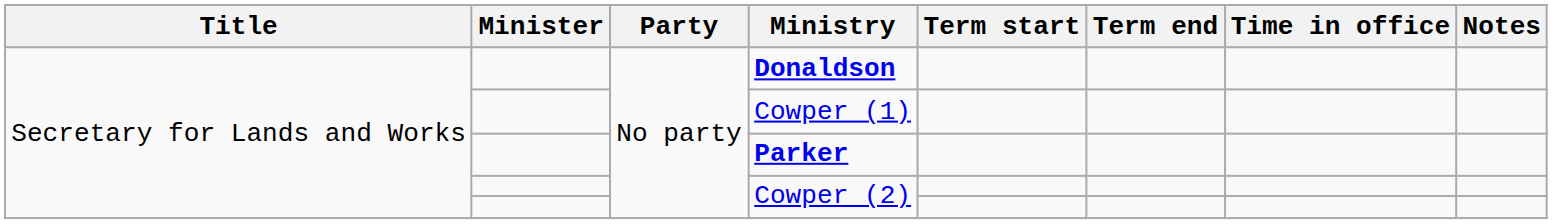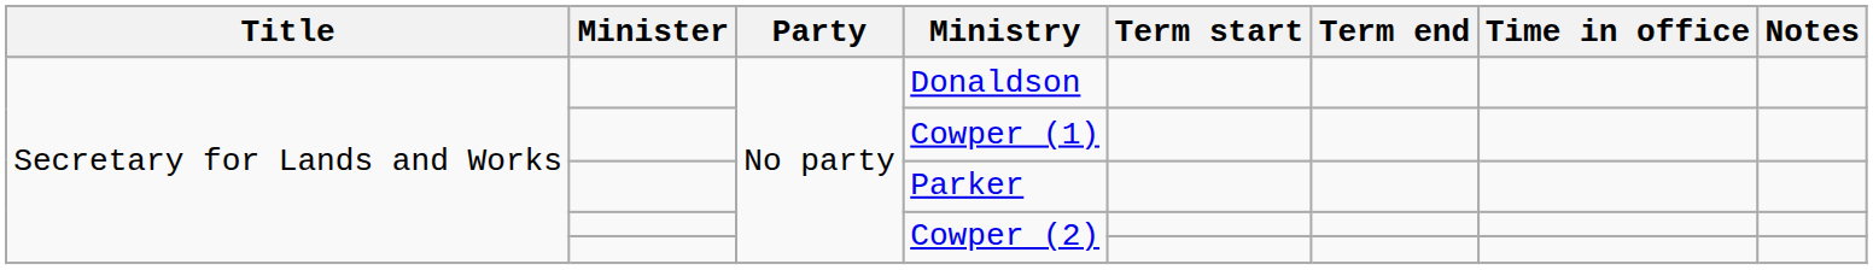 <table class="wikitable sortable">
 <tr>
 <th>Title</th>
 <th>Minister</th>
 <th>Party</th>
 <th>Ministry</th>
 <th>Term start</th>
 <th>Term end</th>
 <th>Time in office</th>
 <th class="unsortable">Notes</th>
 </tr>
 <tr>
 <td rowspan="5">Secretary for Lands and Works</td>
 <td></td>
 <td rowspan="5">No party</td>
-<td><strong><a href='#'>Donaldson</a></strong></td>
+<td><a href='#'>Donaldson</a></td>
 <td></td>
 <td></td>
 <td></td>
 <td></td>
 </tr>
 <tr>
 <td></td>
 <td><a href='#'>Cowper (1)</a></td>
 <td></td>
 <td></td>
 <td></td>
 <td></td>
 </tr>
 <tr>
 <td></td>
-<td><strong><a href='#'>Parker</a></strong></td>
+<td><a href='#'>Parker</a></td>
 <td></td>
 <td></td>
 <td></td>
 <td></td>
 </tr>
 <tr>
 <td></td>
 <td rowspan="2"><a href='#'>Cowper (2)</a></td>
 <td></td>
 <td></td>
 <td></td>
 <td></td>
 </tr>
 <tr>
 <td></td>
 <td></td>
 <td></td>
 <td></td>
 <td></td>
 </tr>
 </table>
